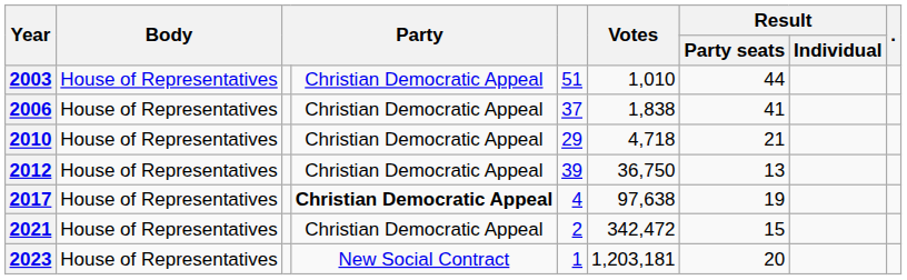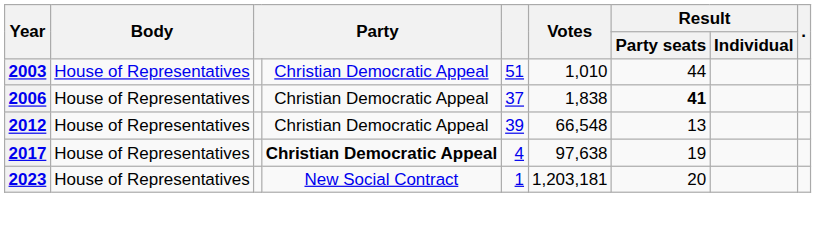 <table class="wikitable plainrowheaders sortable" border=2 cellpadding=4 cellspacing=0 style="border: 1px #aaa solid; font-size: 90%; text-align:center;">
 <tr>
 <th scope="col" rowspan=2>Year</th>
 <th scope="col" rowspan=2>Body</th>
 <th scope="col" colspan=2 rowspan=2>Party</th>
 <th scope="col" rowspan=2></th>
 <th scope="col" rowspan=2>Votes</th>
 <th scope="colgroup" colspan=2>Result</th>
 <th scope="col" rowspan=2 class="unsortable">.</th>
 </tr>
 <tr>
 <th scope="col">Party seats</th>
 <th scope="col">Individual</th>
 </tr>
 <tr>
 <th scope="row"><a href='#'>2003</a></th>
 <td><a href='#'>House of Representatives</a></td>
 <td style="background-color:"></td>
 <td><a href='#'>Christian Democratic Appeal</a></td>
 <td style=text-align:right><a href='#'>51</a></td>
 <td style=text-align:right>1,010</td>
 <td style=text-align:right>44</td>
 <td></td>
 <td></td>
 </tr>
 <tr>
 <th scope="row"><a href='#'>2006</a></th>
 <td>House of Representatives</td>
 <td style="background-color:"></td>
 <td>Christian Democratic Appeal</td>
 <td style=text-align:right><a href='#'>37</a></td>
 <td style=text-align:right>1,838</td>
-<td style=text-align:right>41</td>
-<td></td>
-<td></td>
-</tr>
-<tr>
-<th scope="row"><a href='#'>2010</a></th>
-<td>House of Representatives</td>
-<td style="background-color:"></td>
-<td>Christian Democratic Appeal</td>
-<td style=text-align:right><a href='#'>29</a></td>
-<td style=text-align:right>4,718</td>
-<td style=text-align:right>21</td>
+<td style=text-align:right><strong>41</strong></td>
 <td></td>
 <td></td>
 </tr>
 <tr>
 <th scope="row"><a href='#'>2012</a></th>
 <td>House of Representatives</td>
 <td style="background-color:"></td>
 <td>Christian Democratic Appeal</td>
 <td style=text-align:right><a href='#'>39</a></td>
-<td style=text-align:right>36,750</td>
+<td style=text-align:right>66,548</td>
 <td style=text-align:right>13</td>
 <td></td>
 <td></td>
 </tr>
 <tr>
 <th scope="row"><a href='#'>2017</a></th>
 <td>House of Representatives</td>
 <td style="background-color:"></td>
 <td><strong>Christian Democratic Appeal</strong></td>
 <td style=text-align:right><a href='#'>4</a></td>
 <td style=text-align:right>97,638</td>
 <td style=text-align:right>19</td>
 <td></td>
 <td></td>
 </tr>
 <tr>
-<th scope="row"><a href='#'>2021</a></th>
-<td>House of Representatives</td>
-<td style="background-color:"></td>
-<td>Christian Democratic Appeal</td>
-<td style=text-align:right><a href='#'>2</a></td>
-<td style=text-align:right>342,472</td>
-<td style=text-align:right>15</td>
-<td></td>
-<td></td>
-</tr>
-<tr>
 <th scope="row"><a href='#'>2023</a></th>
 <td>House of Representatives</td>
 <td style="background-color:"></td>
 <td><a href='#'>New Social Contract</a></td>
 <td style=text-align:right><a href='#'>1</a></td>
 <td style=text-align:right>1,203,181</td>
 <td style=text-align:right>20</td>
 <td></td>
 <td></td>
 </tr>
 </table>
